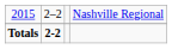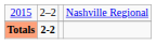 <table class="wikitable">
 <tr align="center">
 <td><a href='#'>2015</a></td>
 <td>2–2</td>
 <td></td>
 <td><a href='#'>Nashville Regional</a></td>
 </tr>
 <tr style="text-align:center;">
 </tr>
 <tr align="center">
-<td><strong>Totals</strong></td>
+<td style="background: lightsalmon;"><strong>Totals</strong></td>
 <td><strong>2-2</strong></td>
 <td><strong></strong></td>
 <td></td>
 </tr>
 </table>
